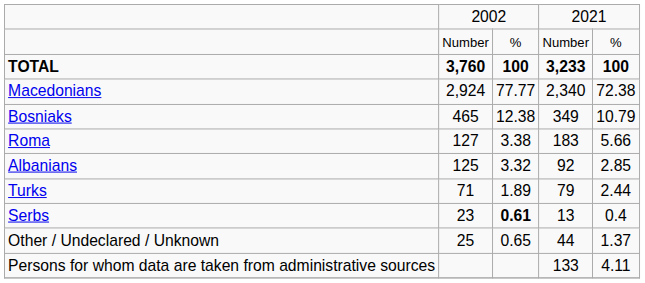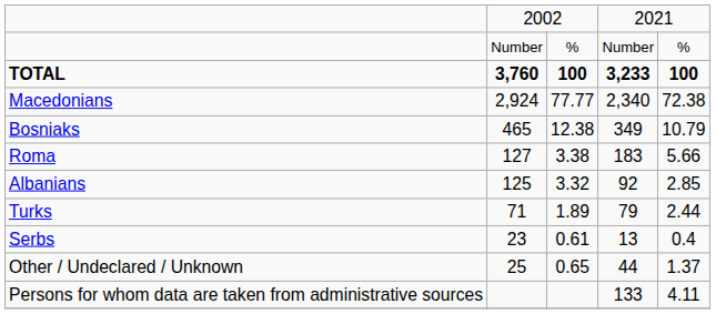 <table class="wikitable">
 <tr>
 <td></td>
 <td colspan="2" align="center">2002</td>
 <td colspan="2" align="center">2021</td>
 </tr>
 <tr>
 <td></td>
 <td align="center"><small>Number</small></td>
 <td align="center"><small>%</small></td>
 <td align="center"><small>Number</small></td>
 <td align="center"><small>%</small></td>
 </tr>
 <tr>
 <td><strong>TOTAL</strong></td>
 <td align="center"><strong>3,760</strong></td>
 <td align="center"><strong>100</strong></td>
 <td align="center"><strong>3,233</strong></td>
 <td align="center"><strong>100</strong></td>
 </tr>
 <tr>
 <td><a href='#'>Macedonians</a></td>
 <td align="center">2,924</td>
 <td align="center">77.77</td>
 <td align="center">2,340</td>
 <td align="center">72.38</td>
 </tr>
 <tr>
 <td><a href='#'>Bosniaks</a></td>
 <td align="center">465</td>
 <td align="center">12.38</td>
 <td align="center">349</td>
 <td align="center">10.79</td>
 </tr>
 <tr>
 <td><a href='#'>Roma</a></td>
 <td align="center">127</td>
 <td align="center">3.38</td>
 <td align="center">183</td>
 <td align="center">5.66</td>
 </tr>
 <tr>
 <td><a href='#'>Albanians</a></td>
 <td align="center">125</td>
 <td align="center">3.32</td>
 <td align="center">92</td>
 <td align="center">2.85</td>
 </tr>
 <tr>
 <td><a href='#'>Turks</a></td>
 <td align="center">71</td>
 <td align="center">1.89</td>
 <td align="center">79</td>
 <td align="center">2.44</td>
 </tr>
 <tr>
 <td><a href='#'>Serbs</a></td>
 <td align="center">23</td>
-<td align="center"><strong>0.61</strong></td>
+<td align="center">0.61</td>
 <td align="center">13</td>
 <td align="center">0.4</td>
 </tr>
 <tr>
 <td>Other / Undeclared / Unknown</td>
 <td align="center">25</td>
 <td align="center">0.65</td>
 <td align="center">44</td>
 <td align="center">1.37</td>
 </tr>
 <tr>
 <td>Persons for whom data are taken from administrative sources</td>
 <td align="center"></td>
 <td align="center"></td>
 <td align="center">133</td>
 <td align="center">4.11</td>
 </tr>
 <tr>
 </tr>
 </table>
